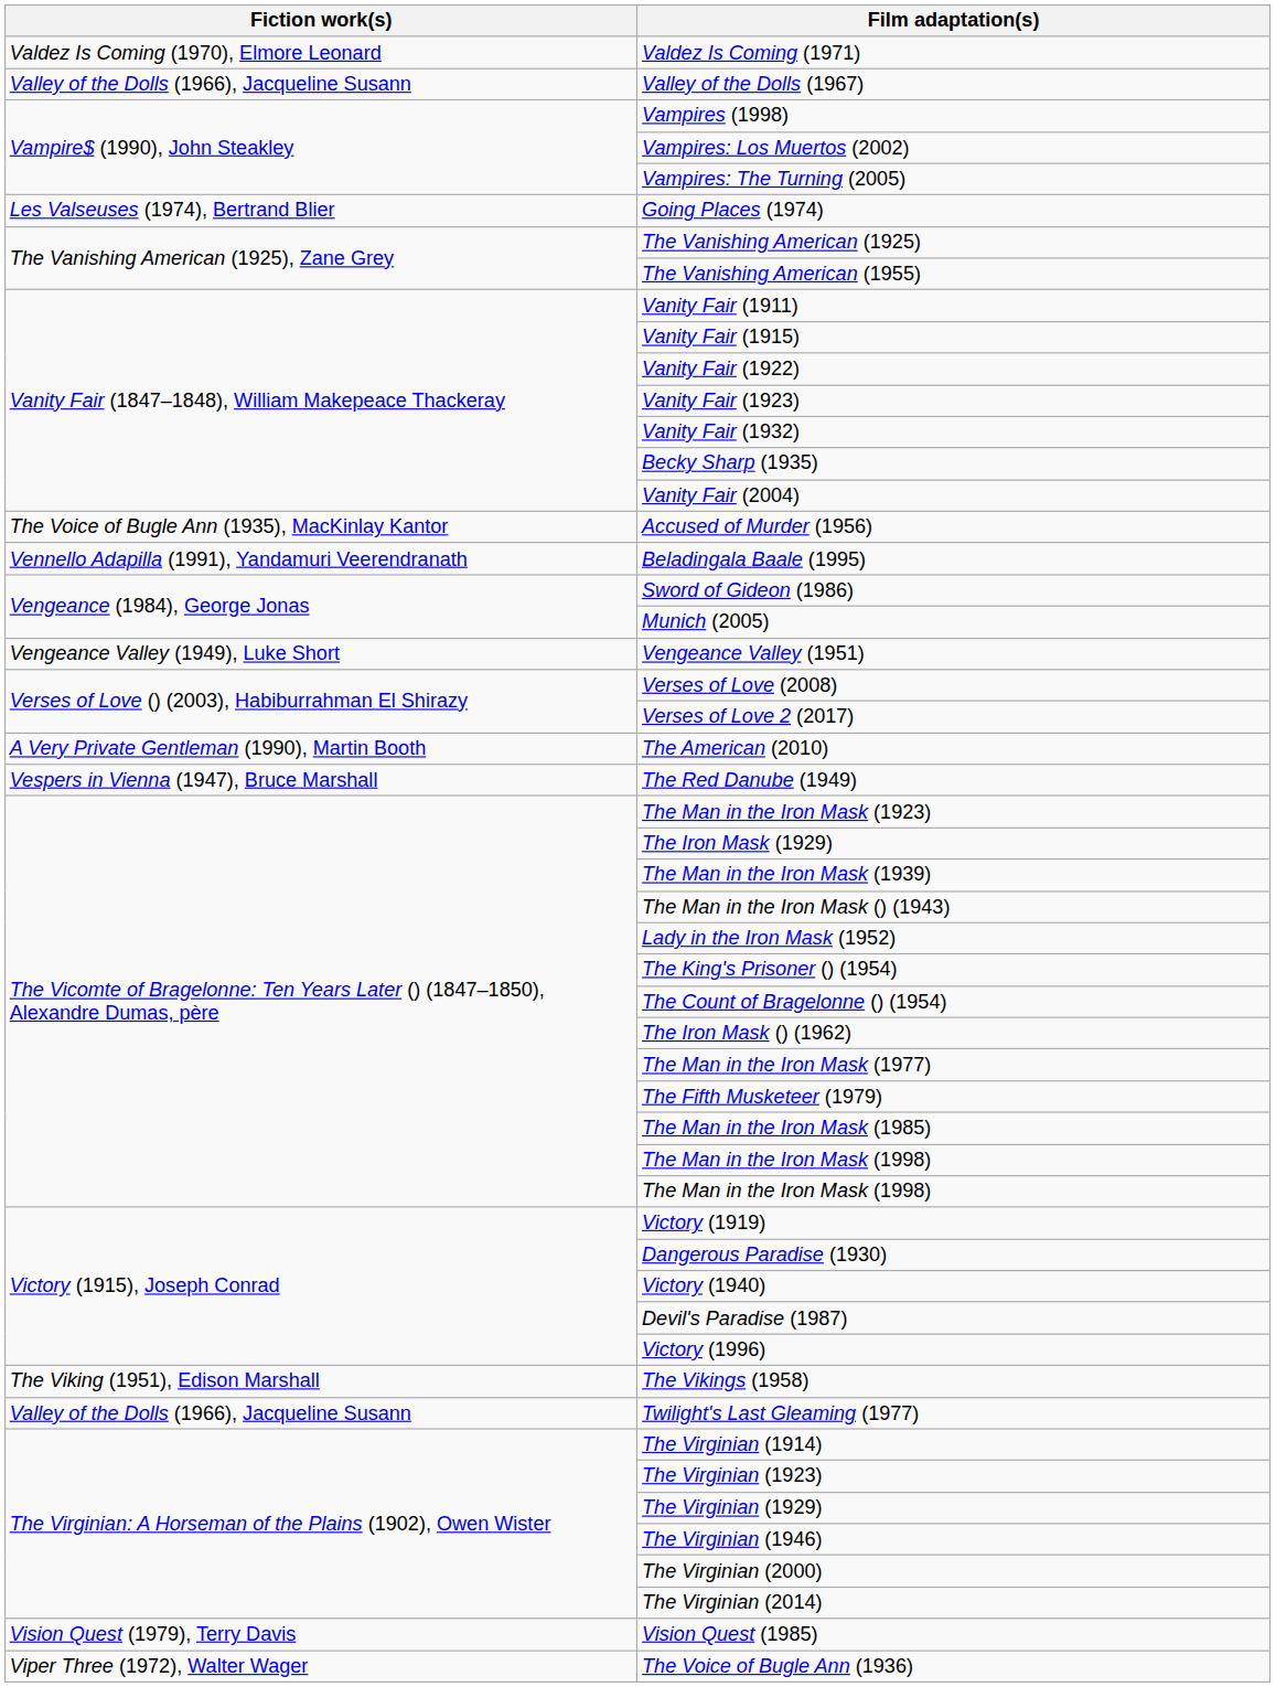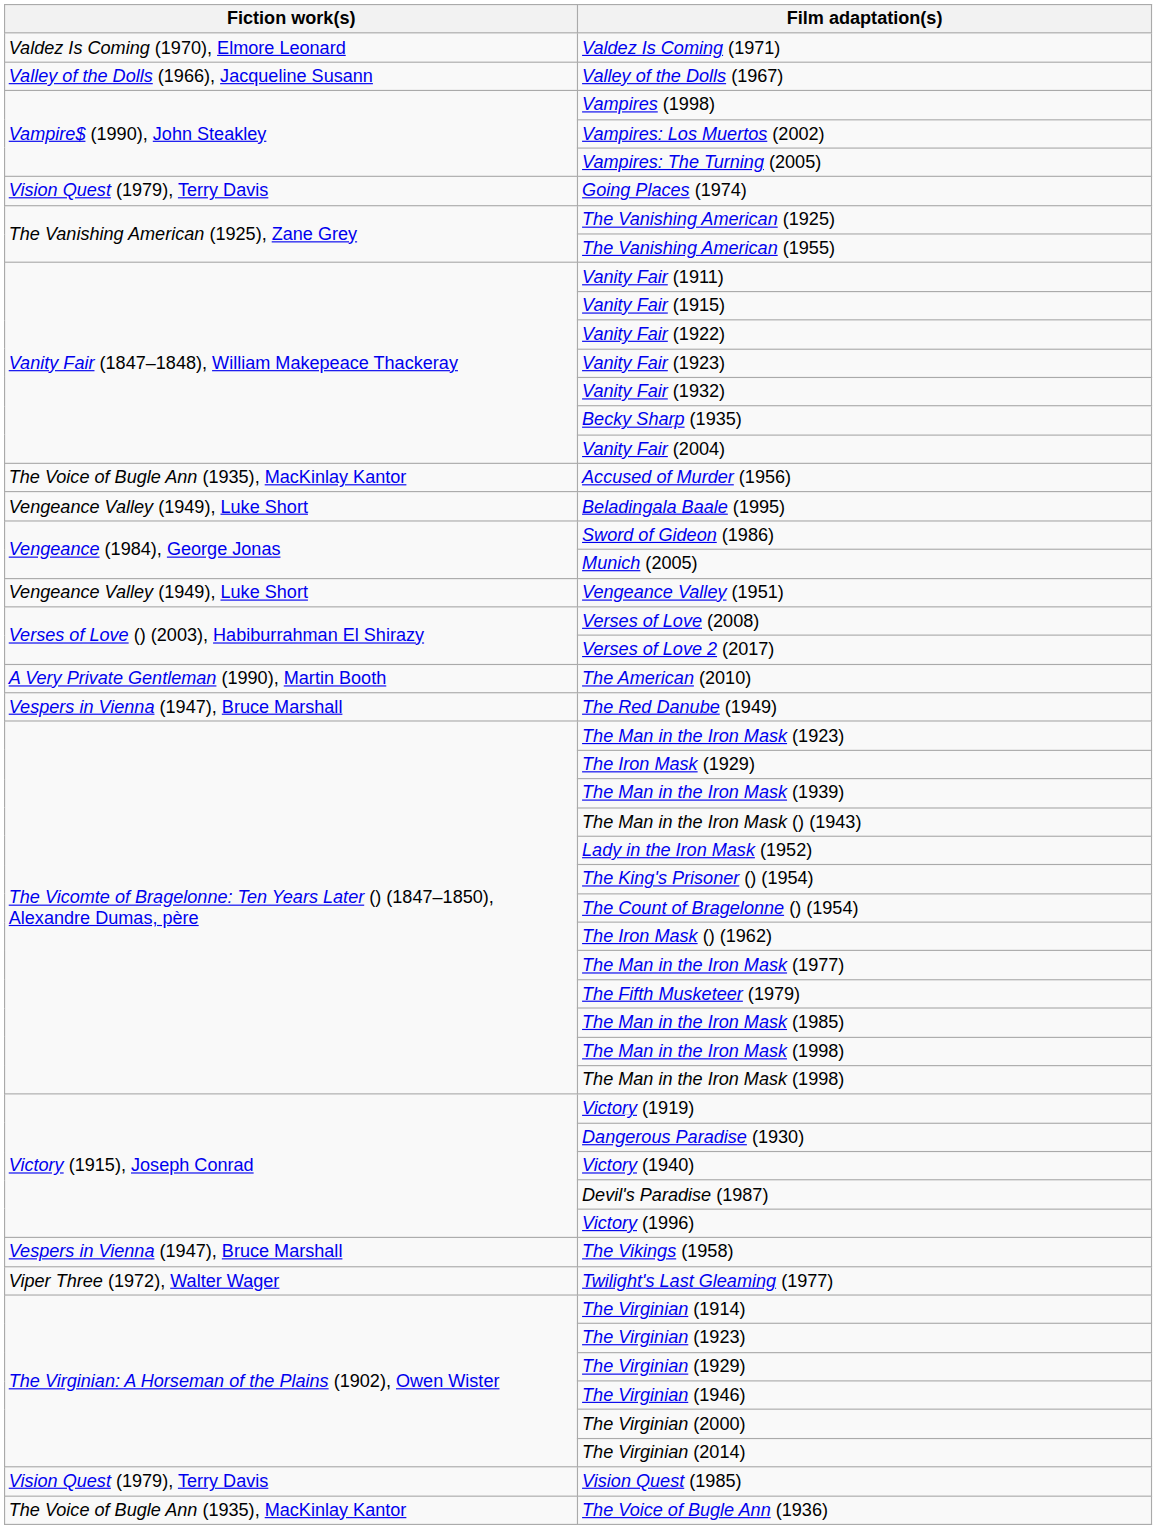 <table class="wikitable">
 <tr>
 <th style="width:500px;">Fiction work(s)</th>
 <th style="width:500px;">Film adaptation(s)</th>
 </tr>
 <tr>
 <td><em>Valdez Is Coming</em> (1970), <a href='#'>Elmore Leonard</a></td>
 <td><em><a href='#'>Valdez Is Coming</a></em> (1971)</td>
 </tr>
 <tr>
 <td><em><a href='#'>Valley of the Dolls</a></em> (1966), <a href='#'>Jacqueline Susann</a></td>
 <td><em><a href='#'>Valley of the Dolls</a></em> (1967)</td>
 </tr>
 <tr>
 <td rowspan="3"><em><a href='#'>Vampire$</a></em> (1990), <a href='#'>John Steakley</a></td>
 <td><em><a href='#'>Vampires</a></em> (1998)</td>
 </tr>
 <tr>
 <td><em><a href='#'>Vampires: Los Muertos</a></em> (2002)</td>
 </tr>
 <tr>
 <td><em><a href='#'>Vampires: The Turning</a></em> (2005)</td>
 </tr>
 <tr>
-<td><em><a href='#'>Les Valseuses</a></em> (1974), <a href='#'>Bertrand Blier</a></td>
+<td><em><a href='#'>Vision Quest</a></em> (1979), <a href='#'>Terry Davis</a></td>
 <td><em><a href='#'>Going Places</a></em> (1974)</td>
 </tr>
 <tr>
 <td rowspan="2"><em>The Vanishing American</em> (1925), <a href='#'>Zane Grey</a></td>
 <td><em><a href='#'>The Vanishing American</a></em> (1925)</td>
 </tr>
 <tr>
 <td><em><a href='#'>The Vanishing American</a></em> (1955)</td>
 </tr>
 <tr>
 <td rowspan="7"><em><a href='#'>Vanity Fair</a></em> (1847–1848), <a href='#'>William Makepeace Thackeray</a></td>
 <td><em><a href='#'>Vanity Fair</a></em> (1911)</td>
 </tr>
 <tr>
 <td><em><a href='#'>Vanity Fair</a></em> (1915)</td>
 </tr>
 <tr>
 <td><em><a href='#'>Vanity Fair</a></em> (1922)</td>
 </tr>
 <tr>
 <td><em><a href='#'>Vanity Fair</a></em> (1923)</td>
 </tr>
 <tr>
 <td><em><a href='#'>Vanity Fair</a></em> (1932)</td>
 </tr>
 <tr>
 <td><em><a href='#'>Becky Sharp</a></em> (1935)</td>
 </tr>
 <tr>
 <td><em><a href='#'>Vanity Fair</a></em> (2004)</td>
 </tr>
 <tr>
 <td><em>The Voice of Bugle Ann</em> (1935), <a href='#'>MacKinlay Kantor</a></td>
 <td><em><a href='#'>Accused of Murder</a></em> (1956)</td>
 </tr>
 <tr>
-<td><em><a href='#'>Vennello Adapilla</a></em> (1991), <a href='#'>Yandamuri Veerendranath</a></td>
+<td><em>Vengeance Valley</em> (1949), <a href='#'>Luke Short</a></td>
 <td><em><a href='#'>Beladingala Baale</a></em> (1995)</td>
 </tr>
 <tr>
 <td rowspan="2"><em><a href='#'>Vengeance</a></em> (1984), <a href='#'>George Jonas</a></td>
 <td><em><a href='#'>Sword of Gideon</a></em> (1986)</td>
 </tr>
 <tr>
 <td><em><a href='#'>Munich</a></em> (2005)</td>
 </tr>
 <tr>
 <td><em>Vengeance Valley</em> (1949), <a href='#'>Luke Short</a></td>
 <td><em><a href='#'>Vengeance Valley</a></em> (1951)</td>
 </tr>
 <tr>
 <td rowspan="2"><em><a href='#'>Verses of Love</a></em> () (2003), <a href='#'>Habiburrahman El Shirazy</a></td>
 <td><em><a href='#'>Verses of Love</a></em> (2008)</td>
 </tr>
 <tr>
 <td><em><a href='#'>Verses of Love 2</a></em> (2017)</td>
 </tr>
 <tr>
 <td><em><a href='#'>A Very Private Gentleman</a></em> (1990), <a href='#'>Martin Booth</a></td>
 <td><em><a href='#'>The American</a></em> (2010)</td>
 </tr>
 <tr>
 <td><em><a href='#'>Vespers in Vienna</a></em> (1947), <a href='#'>Bruce Marshall</a></td>
 <td><em><a href='#'>The Red Danube</a></em> (1949)</td>
 </tr>
 <tr>
 <td rowspan="13"><em><a href='#'>The Vicomte of Bragelonne: Ten Years Later</a></em> () (1847–1850), <a href='#'>Alexandre Dumas, père</a></td>
 <td><em><a href='#'>The Man in the Iron Mask</a></em> (1923)</td>
 </tr>
 <tr>
 <td><em><a href='#'>The Iron Mask</a></em> (1929)</td>
 </tr>
 <tr>
 <td><em><a href='#'>The Man in the Iron Mask</a></em> (1939)</td>
 </tr>
 <tr>
 <td><em>The Man in the Iron Mask</em> () (1943)</td>
 </tr>
 <tr>
 <td><em><a href='#'>Lady in the Iron Mask</a></em> (1952)</td>
 </tr>
 <tr>
 <td><em><a href='#'>The King's Prisoner</a></em> () (1954)</td>
 </tr>
 <tr>
 <td><em><a href='#'>The Count of Bragelonne</a></em> () (1954)</td>
 </tr>
 <tr>
 <td><em><a href='#'>The Iron Mask</a></em> () (1962)</td>
 </tr>
 <tr>
 <td><em><a href='#'>The Man in the Iron Mask</a></em> (1977)</td>
 </tr>
 <tr>
 <td><em><a href='#'>The Fifth Musketeer</a></em> (1979)</td>
 </tr>
 <tr>
 <td><em><a href='#'>The Man in the Iron Mask</a></em> (1985)</td>
 </tr>
 <tr>
 <td><em><a href='#'>The Man in the Iron Mask</a></em> (1998)</td>
 </tr>
 <tr>
 <td><em>The Man in the Iron Mask</em> (1998)</td>
 </tr>
 <tr>
 <td rowspan="5"><em><a href='#'>Victory</a></em> (1915), <a href='#'>Joseph Conrad</a></td>
 <td><em><a href='#'>Victory</a></em> (1919)</td>
 </tr>
 <tr>
 <td><em><a href='#'>Dangerous Paradise</a></em> (1930)</td>
 </tr>
 <tr>
 <td><em><a href='#'>Victory</a></em> (1940)</td>
 </tr>
 <tr>
 <td><em>Devil's Paradise</em> (1987)</td>
 </tr>
 <tr>
 <td><em><a href='#'>Victory</a></em> (1996)</td>
 </tr>
 <tr>
-<td><em>The Viking</em> (1951), <a href='#'>Edison Marshall</a></td>
+<td><em><a href='#'>Vespers in Vienna</a></em> (1947), <a href='#'>Bruce Marshall</a></td>
 <td><em><a href='#'>The Vikings</a></em> (1958)</td>
 </tr>
 <tr>
-<td><em><a href='#'>Valley of the Dolls</a></em> (1966), <a href='#'>Jacqueline Susann</a></td>
+<td><em>Viper Three</em> (1972), <a href='#'>Walter Wager</a></td>
 <td><em><a href='#'>Twilight's Last Gleaming</a></em> (1977)</td>
 </tr>
 <tr>
 <td rowspan="6"><em><a href='#'>The Virginian: A Horseman of the Plains</a></em> (1902), <a href='#'>Owen Wister</a></td>
 <td><em><a href='#'>The Virginian</a></em> (1914)</td>
 </tr>
 <tr>
 <td><em><a href='#'>The Virginian</a></em> (1923)</td>
 </tr>
 <tr>
 <td><em><a href='#'>The Virginian</a></em> (1929)</td>
 </tr>
 <tr>
 <td><em><a href='#'>The Virginian</a></em> (1946)</td>
 </tr>
 <tr>
 <td><em>The Virginian</em> (2000)</td>
 </tr>
 <tr>
 <td><em>The Virginian</em> (2014)</td>
 </tr>
 <tr>
 <td><em><a href='#'>Vision Quest</a></em> (1979), <a href='#'>Terry Davis</a></td>
 <td><em><a href='#'>Vision Quest</a></em> (1985)</td>
 </tr>
 <tr>
-<td><em>Viper Three</em> (1972), <a href='#'>Walter Wager</a></td>
+<td><em>The Voice of Bugle Ann</em> (1935), <a href='#'>MacKinlay Kantor</a></td>
 <td><em><a href='#'>The Voice of Bugle Ann</a></em> (1936)</td>
 </tr>
 </table>
